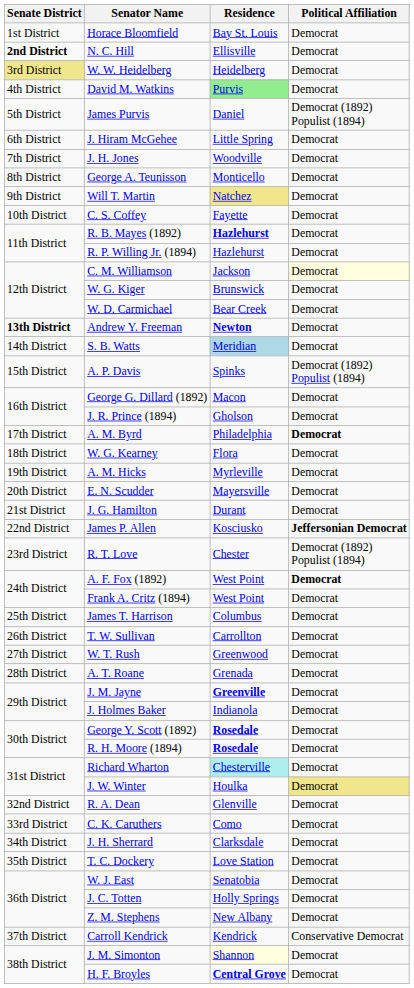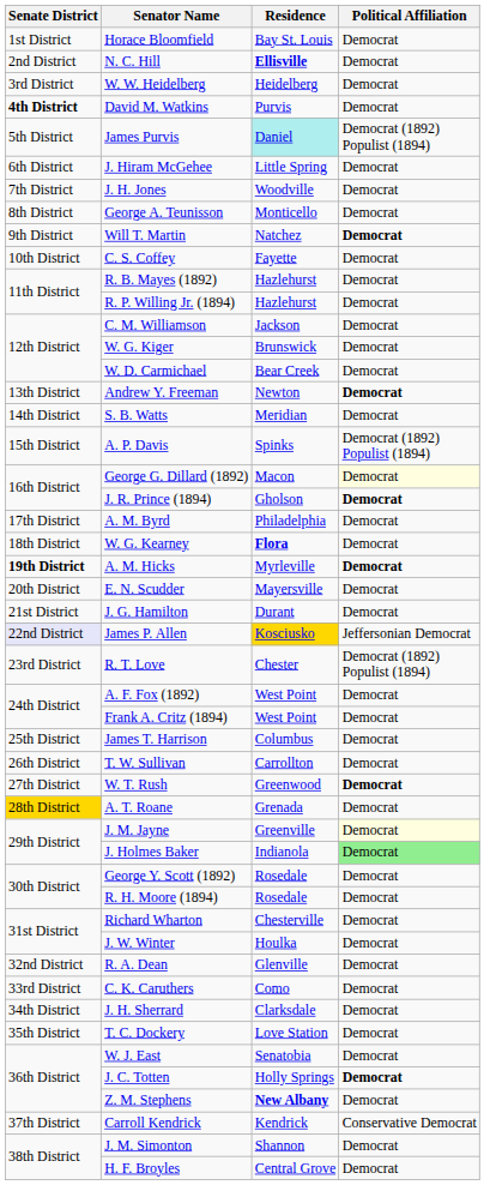 <table class="wikitable">
 <tr>
 <th>Senate District</th>
 <th>Senator Name</th>
 <th>Residence</th>
 <th>Political Affiliation</th>
 </tr>
 <tr>
 <td>1st District</td>
 <td><a href='#'>Horace Bloomfield</a></td>
 <td><a href='#'>Bay St. Louis</a></td>
 <td>Democrat</td>
 </tr>
 <tr>
-<td><strong>2nd District</strong></td>
+<td>2nd District</td>
 <td><a href='#'>N. C. Hill</a></td>
-<td><a href='#'>Ellisville</a></td>
+<td><strong><a href='#'>Ellisville</a></strong></td>
 <td>Democrat</td>
 </tr>
 <tr>
-<td style="background: khaki;">3rd District</td>
+<td>3rd District</td>
 <td><a href='#'>W. W. Heidelberg</a></td>
 <td><a href='#'>Heidelberg</a></td>
 <td>Democrat</td>
 </tr>
 <tr>
-<td>4th District</td>
+<td><strong>4th District</strong></td>
 <td><a href='#'>David M. Watkins</a></td>
-<td style="background: lightgreen;"><a href='#'>Purvis</a></td>
+<td><a href='#'>Purvis</a></td>
 <td>Democrat</td>
 </tr>
 <tr>
 <td>5th District</td>
 <td><a href='#'>James Purvis</a></td>
-<td><a href='#'>Daniel</a></td>
+<td style="background: paleturquoise;"><a href='#'>Daniel</a></td>
 <td>Democrat (1892)<br>Populist (1894)</td>
 </tr>
 <tr>
 <td>6th District</td>
 <td><a href='#'>J. Hiram McGehee</a></td>
 <td><a href='#'>Little Spring</a></td>
 <td>Democrat</td>
 </tr>
 <tr>
 <td>7th District</td>
 <td><a href='#'>J. H. Jones</a></td>
 <td><a href='#'>Woodville</a></td>
 <td>Democrat</td>
 </tr>
 <tr>
 <td>8th District</td>
 <td><a href='#'>George A. Teunisson</a></td>
 <td><a href='#'>Monticello</a></td>
 <td>Democrat</td>
 </tr>
 <tr>
 <td>9th District</td>
 <td><a href='#'>Will T. Martin</a></td>
-<td style="background: khaki;"><a href='#'>Natchez</a></td>
-<td>Democrat</td>
+<td><a href='#'>Natchez</a></td>
+<td><strong>Democrat</strong></td>
 </tr>
 <tr>
 <td>10th District</td>
 <td><a href='#'>C. S. Coffey</a></td>
 <td><a href='#'>Fayette</a></td>
 <td>Democrat</td>
 </tr>
 <tr>
 <td rowspan="2">11th District</td>
 <td><a href='#'>R. B. Mayes</a> (1892)</td>
-<td><strong><a href='#'>Hazlehurst</a></strong></td>
+<td><a href='#'>Hazlehurst</a></td>
 <td>Democrat</td>
 </tr>
 <tr>
 <td><a href='#'>R. P. Willing Jr.</a> (1894)</td>
 <td><a href='#'>Hazlehurst</a></td>
 <td>Democrat</td>
 </tr>
 <tr>
 <td rowspan="3">12th District</td>
 <td><a href='#'>C. M. Williamson</a></td>
 <td><a href='#'>Jackson</a></td>
-<td style="background: lightyellow;">Democrat</td>
+<td>Democrat</td>
 </tr>
 <tr>
 <td><a href='#'>W. G. Kiger</a></td>
 <td><a href='#'>Brunswick</a></td>
 <td>Democrat</td>
 </tr>
 <tr>
 <td><a href='#'>W. D. Carmichael</a></td>
 <td><a href='#'>Bear Creek</a></td>
 <td>Democrat</td>
 </tr>
 <tr>
-<td><strong>13th District</strong></td>
+<td>13th District</td>
 <td><a href='#'>Andrew Y. Freeman</a></td>
-<td><strong><a href='#'>Newton</a></strong></td>
-<td>Democrat</td>
+<td><a href='#'>Newton</a></td>
+<td><strong>Democrat</strong></td>
 </tr>
 <tr>
 <td>14th District</td>
 <td><a href='#'>S. B. Watts</a></td>
-<td style="background: lightblue;"><a href='#'>Meridian</a></td>
+<td><a href='#'>Meridian</a></td>
 <td>Democrat</td>
 </tr>
 <tr>
 <td>15th District</td>
 <td><a href='#'>A. P. Davis</a></td>
 <td><a href='#'>Spinks</a></td>
 <td>Democrat (1892)<br><a href='#'>Populist</a> (1894)</td>
 </tr>
 <tr>
 <td rowspan="2">16th District</td>
 <td><a href='#'>George G. Dillard</a> (1892)</td>
 <td><a href='#'>Macon</a></td>
-<td>Democrat</td>
+<td style="background: lightyellow;">Democrat</td>
 </tr>
 <tr>
 <td><a href='#'>J. R. Prince</a> (1894)</td>
 <td><a href='#'>Gholson</a></td>
-<td>Democrat</td>
+<td><strong>Democrat</strong></td>
 </tr>
 <tr>
 <td>17th District</td>
 <td><a href='#'>A. M. Byrd</a></td>
 <td><a href='#'>Philadelphia</a></td>
-<td><strong>Democrat</strong></td>
+<td>Democrat</td>
 </tr>
 <tr>
 <td>18th District</td>
 <td><a href='#'>W. G. Kearney</a></td>
-<td><a href='#'>Flora</a></td>
+<td><strong><a href='#'>Flora</a></strong></td>
 <td>Democrat</td>
 </tr>
 <tr>
-<td>19th District</td>
+<td><strong>19th District</strong></td>
 <td><a href='#'>A. M. Hicks</a></td>
 <td><a href='#'>Myrleville</a></td>
-<td>Democrat</td>
+<td><strong>Democrat</strong></td>
 </tr>
 <tr>
 <td>20th District</td>
 <td><a href='#'>E. N. Scudder</a></td>
 <td><a href='#'>Mayersville</a></td>
 <td>Democrat</td>
 </tr>
 <tr>
 <td>21st District</td>
 <td><a href='#'>J. G. Hamilton</a></td>
 <td><a href='#'>Durant</a></td>
 <td>Democrat</td>
 </tr>
 <tr>
-<td>22nd District</td>
+<td style="background: lavender;">22nd District</td>
 <td><a href='#'>James P. Allen</a></td>
-<td><a href='#'>Kosciusko</a></td>
-<td><strong>Jeffersonian Democrat</strong></td>
+<td style="background: gold;"><a href='#'>Kosciusko</a></td>
+<td>Jeffersonian Democrat</td>
 </tr>
 <tr>
 <td>23rd District</td>
 <td><a href='#'>R. T. Love</a></td>
 <td><a href='#'>Chester</a></td>
 <td>Democrat (1892)<br>Populist (1894)</td>
 </tr>
 <tr>
 <td rowspan="2">24th District</td>
 <td><a href='#'>A. F. Fox</a> (1892)</td>
 <td><a href='#'>West Point</a></td>
-<td><strong>Democrat</strong></td>
+<td>Democrat</td>
 </tr>
 <tr>
 <td><a href='#'>Frank A. Critz</a> (1894)</td>
 <td><a href='#'>West Point</a></td>
 <td>Democrat</td>
 </tr>
 <tr>
 <td>25th District</td>
 <td><a href='#'>James T. Harrison</a></td>
 <td><a href='#'>Columbus</a></td>
 <td>Democrat</td>
 </tr>
 <tr>
 <td>26th District</td>
 <td><a href='#'>T. W. Sullivan</a></td>
 <td><a href='#'>Carrollton</a></td>
 <td>Democrat</td>
 </tr>
 <tr>
 <td>27th District</td>
 <td><a href='#'>W. T. Rush</a></td>
 <td><a href='#'>Greenwood</a></td>
-<td>Democrat</td>
+<td><strong>Democrat</strong></td>
 </tr>
 <tr>
-<td>28th District</td>
+<td style="background: gold;">28th District</td>
 <td><a href='#'>A. T. Roane</a></td>
 <td><a href='#'>Grenada</a></td>
 <td>Democrat</td>
 </tr>
 <tr>
 <td rowspan="2">29th District</td>
 <td><a href='#'>J. M. Jayne</a></td>
-<td><strong><a href='#'>Greenville</a></strong></td>
-<td>Democrat</td>
+<td><a href='#'>Greenville</a></td>
+<td style="background: lightyellow;">Democrat</td>
 </tr>
 <tr>
 <td><a href='#'>J. Holmes Baker</a></td>
 <td><a href='#'>Indianola</a></td>
-<td>Democrat</td>
+<td style="background: lightgreen;">Democrat</td>
 </tr>
 <tr>
 <td rowspan="2">30th District</td>
 <td><a href='#'>George Y. Scott</a> (1892)</td>
-<td><strong><a href='#'>Rosedale</a></strong></td>
+<td><a href='#'>Rosedale</a></td>
 <td>Democrat</td>
 </tr>
 <tr>
 <td><a href='#'>R. H. Moore</a> (1894)</td>
-<td><strong><a href='#'>Rosedale</a></strong></td>
+<td><a href='#'>Rosedale</a></td>
 <td>Democrat</td>
 </tr>
 <tr>
 <td rowspan="2">31st District</td>
 <td><a href='#'>Richard Wharton</a></td>
-<td style="background: paleturquoise;"><a href='#'>Chesterville</a></td>
+<td><a href='#'>Chesterville</a></td>
 <td>Democrat</td>
 </tr>
 <tr>
 <td><a href='#'>J. W. Winter</a></td>
 <td><a href='#'>Houlka</a></td>
-<td style="background: khaki;">Democrat</td>
+<td>Democrat</td>
 </tr>
 <tr>
 <td>32nd District</td>
 <td><a href='#'>R. A. Dean</a></td>
 <td><a href='#'>Glenville</a></td>
 <td>Democrat</td>
 </tr>
 <tr>
 <td>33rd District</td>
 <td><a href='#'>C. K. Caruthers</a></td>
 <td><a href='#'>Como</a></td>
 <td>Democrat</td>
 </tr>
 <tr>
 <td>34th District</td>
 <td><a href='#'>J. H. Sherrard</a></td>
 <td><a href='#'>Clarksdale</a></td>
 <td>Democrat</td>
 </tr>
 <tr>
 <td>35th District</td>
 <td><a href='#'>T. C. Dockery</a></td>
 <td><a href='#'>Love Station</a></td>
 <td>Democrat</td>
 </tr>
 <tr>
 <td rowspan="3">36th District</td>
 <td><a href='#'>W. J. East</a></td>
 <td><a href='#'>Senatobia</a></td>
 <td>Democrat</td>
 </tr>
 <tr>
 <td><a href='#'>J. C. Totten</a></td>
 <td><a href='#'>Holly Springs</a></td>
-<td>Democrat</td>
+<td><strong>Democrat</strong></td>
 </tr>
 <tr>
 <td><a href='#'>Z. M. Stephens</a></td>
-<td><a href='#'>New Albany</a></td>
+<td><strong><a href='#'>New Albany</a></strong></td>
 <td>Democrat</td>
 </tr>
 <tr>
 <td>37th District</td>
 <td><a href='#'>Carroll Kendrick</a></td>
 <td><a href='#'>Kendrick</a></td>
 <td>Conservative Democrat</td>
 </tr>
 <tr>
 <td rowspan="2">38th District</td>
 <td><a href='#'>J. M. Simonton</a></td>
-<td style="background: lightyellow;"><a href='#'>Shannon</a></td>
+<td><a href='#'>Shannon</a></td>
 <td>Democrat</td>
 </tr>
 <tr>
 <td><a href='#'>H. F. Broyles</a></td>
-<td><strong><a href='#'>Central Grove</a></strong></td>
+<td><a href='#'>Central Grove</a></td>
 <td>Democrat</td>
 </tr>
 </table>
